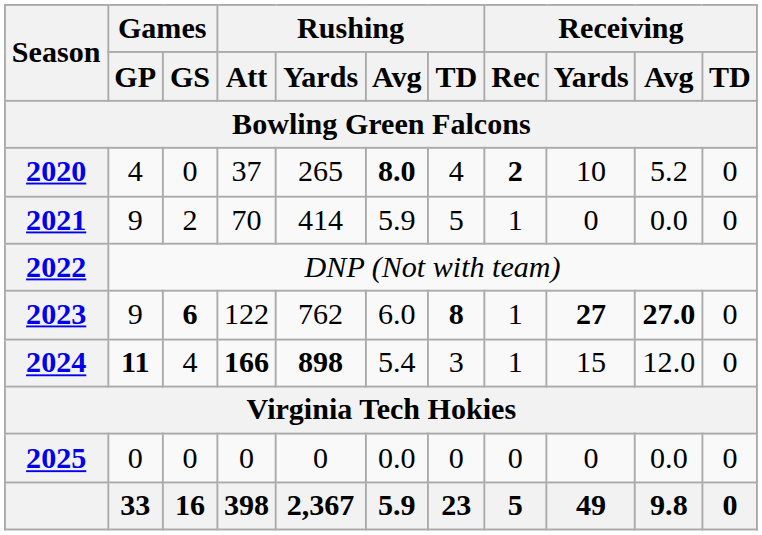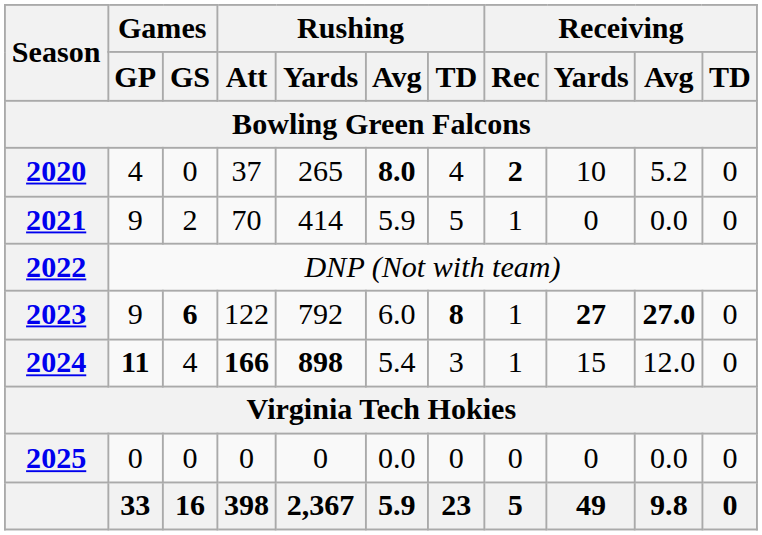 <table class="wikitable" style="text-align:center;">
 <tr>
 <th rowspan="2">Season</th>
 <th colspan="2">Games</th>
 <th colspan="4">Rushing</th>
 <th colspan="4">Receiving</th>
 </tr>
 <tr>
 <th>GP</th>
 <th>GS</th>
 <th>Att</th>
 <th>Yards</th>
 <th>Avg</th>
 <th>TD</th>
 <th>Rec</th>
 <th>Yards</th>
 <th>Avg</th>
 <th>TD</th>
 </tr>
 <tr>
 <th colspan="12">Bowling Green Falcons</th>
 </tr>
 <tr>
 <th><a href='#'>2020</a></th>
 <td>4</td>
 <td>0</td>
 <td>37</td>
 <td>265</td>
 <td><strong>8.0</strong></td>
 <td>4</td>
 <td><strong>2</strong></td>
 <td>10</td>
 <td>5.2</td>
 <td>0</td>
 </tr>
 <tr>
 <th><a href='#'>2021</a></th>
 <td>9</td>
 <td>2</td>
 <td>70</td>
 <td>414</td>
 <td>5.9</td>
 <td>5</td>
 <td>1</td>
 <td>0</td>
 <td>0.0</td>
 <td>0</td>
 </tr>
 <tr>
 <th><a href='#'>2022</a></th>
 <td colspan="12"><em>DNP (Not with team)</em></td>
 </tr>
 <tr>
 <th><a href='#'>2023</a></th>
 <td>9</td>
 <td><strong>6</strong></td>
 <td>122</td>
-<td>762</td>
+<td>792</td>
 <td>6.0</td>
 <td><strong>8</strong></td>
 <td>1</td>
 <td><strong>27</strong></td>
 <td><strong>27.0</strong></td>
 <td>0</td>
 </tr>
 <tr>
 <th><a href='#'>2024</a></th>
 <td><strong>11</strong></td>
 <td>4</td>
 <td><strong>166</strong></td>
 <td><strong>898</strong></td>
 <td>5.4</td>
 <td>3</td>
 <td>1</td>
 <td>15</td>
 <td>12.0</td>
 <td>0</td>
 </tr>
 <tr>
 <th colspan="12">Virginia Tech Hokies</th>
 </tr>
 <tr>
 <th><a href='#'>2025</a></th>
 <td>0</td>
 <td>0</td>
 <td>0</td>
 <td>0</td>
 <td>0.0</td>
 <td>0</td>
 <td>0</td>
 <td>0</td>
 <td>0.0</td>
 <td>0</td>
 </tr>
 <tr>
 <th></th>
 <th>33</th>
 <th>16</th>
 <th>398</th>
 <th>2,367</th>
 <th>5.9</th>
 <th>23</th>
 <th>5</th>
 <th>49</th>
 <th>9.8</th>
 <th>0</th>
 </tr>
 </table>
